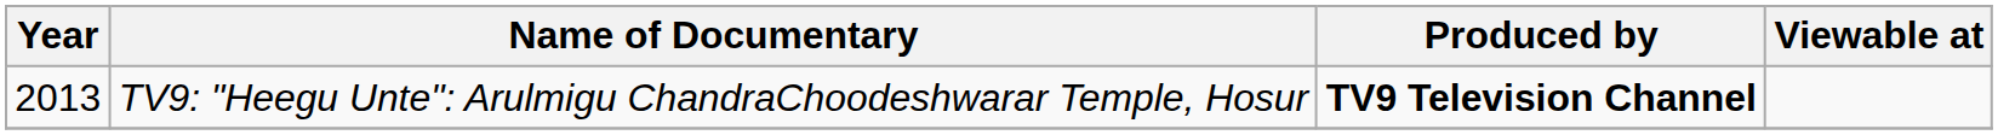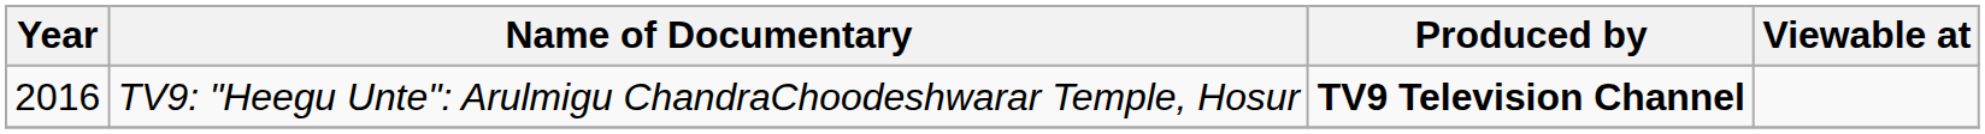 <table class="wikitable">
 <tr style="background:#ccc; text-align:center;">
 <th>Year</th>
 <th>Name of Documentary</th>
 <th>Produced by</th>
 <th>Viewable at</th>
 </tr>
 <tr>
-<td>2013</td>
+<td>2016</td>
 <td><em>TV9: "Heegu Unte": Arulmigu ChandraChoodeshwarar Temple, Hosur</em></td>
 <td><strong>TV9 Television Channel</strong></td>
 <td></td>
 </tr>
 <tr>
 </tr>
 </table>
